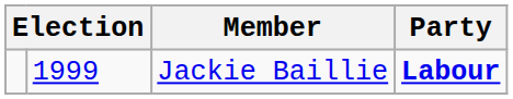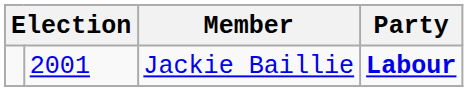 <table class="wikitable">
 <tr>
 <th colspan="2">Election</th>
 <th>Member</th>
 <th>Party</th>
 </tr>
 <tr>
 <td style="background-color: "></td>
-<td><a href='#'>1999</a></td>
+<td><a href='#'>2001</a></td>
 <td rowspan="1"><a href='#'>Jackie Baillie</a></td>
 <td rowspan="1"><strong><a href='#'>Labour</a></strong></td>
 </tr>
 </table>
